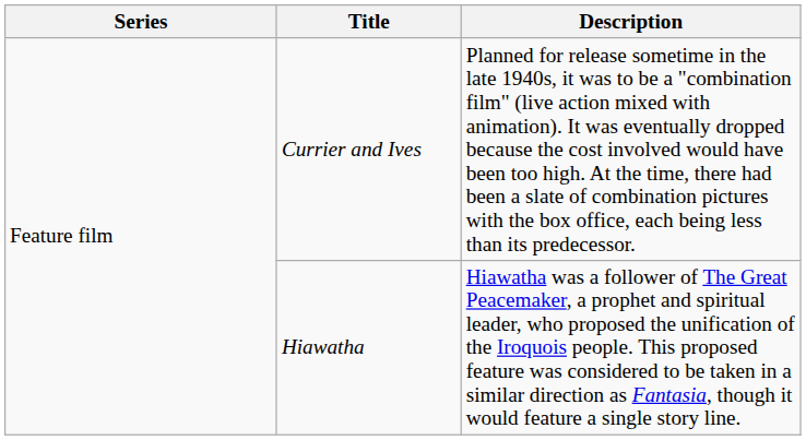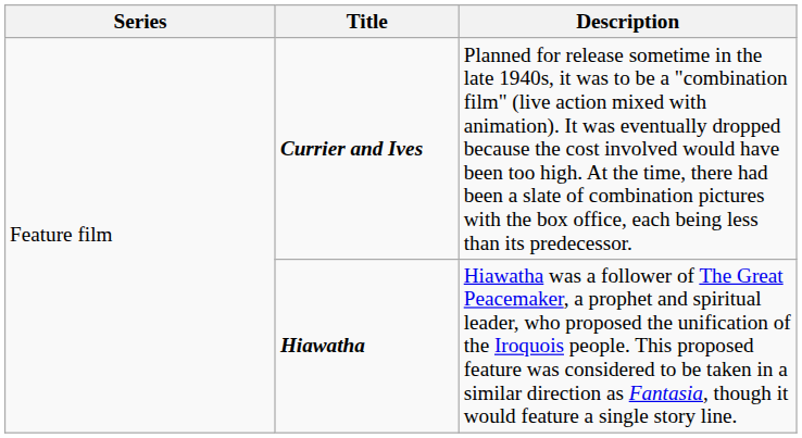 <table class="wikitable">
 <tr>
 <th style="width:150pt;">Series</th>
 <th style="width:100pt;">Title</th>
 <th>Description</th>
 </tr>
 <tr>
 <td rowspan="2">Feature film</td>
-<td><em>Currier and Ives</em></td>
+<td><strong><em>Currier and Ives</em></strong></td>
 <td>Planned for release sometime in the late 1940s, it was to be a "combination film" (live action mixed with animation). It was eventually dropped because the cost involved would have been too high. At the time, there had been a slate of combination pictures with the box office, each being less than its predecessor.</td>
 </tr>
 <tr>
-<td><em>Hiawatha</em></td>
+<td><strong><em>Hiawatha</em></strong></td>
 <td><a href='#'>Hiawatha</a> was a follower of <a href='#'>The Great Peacemaker</a>, a prophet and spiritual leader, who proposed the unification of the <a href='#'>Iroquois</a> people. This proposed feature was considered to be taken in a similar direction as <em><a href='#'>Fantasia</a></em>, though it would feature a single story line.</td>
 </tr>
 </table>
